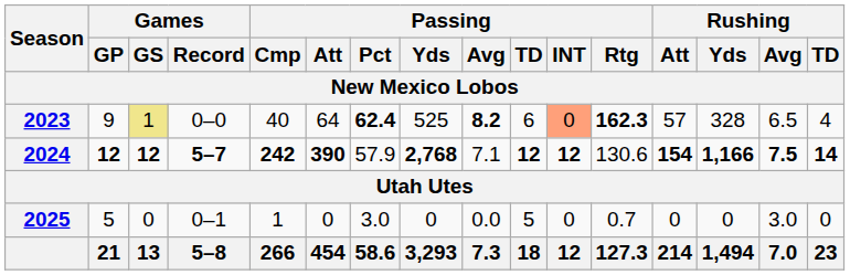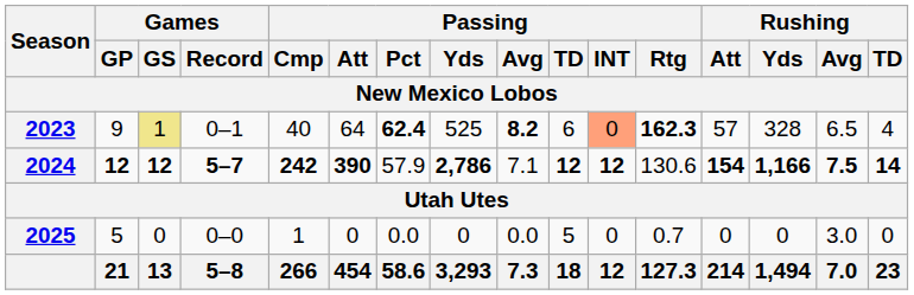 <table class="wikitable" style="text-align:center;">
 <tr>
 <th rowspan="2">Season</th>
 <th colspan="3">Games</th>
 <th colspan="8">Passing</th>
 <th colspan="4">Rushing</th>
 </tr>
 <tr>
 <th>GP</th>
 <th>GS</th>
 <th>Record</th>
 <th>Cmp</th>
 <th>Att</th>
 <th>Pct</th>
 <th>Yds</th>
 <th>Avg</th>
 <th>TD</th>
 <th>INT</th>
 <th>Rtg</th>
 <th>Att</th>
 <th>Yds</th>
 <th>Avg</th>
 <th>TD</th>
 </tr>
 <tr>
 <th colspan="16">New Mexico Lobos</th>
 </tr>
 <tr>
 <th><a href='#'>2023</a></th>
 <td>9</td>
 <td style="background: khaki;">1</td>
-<td>0–0</td>
+<td>0–1</td>
 <td>40</td>
 <td>64</td>
 <td><strong>62.4</strong></td>
 <td>525</td>
 <td><strong>8.2</strong></td>
 <td>6</td>
 <td style="background: lightsalmon;">0</td>
 <td><strong>162.3</strong></td>
 <td>57</td>
 <td>328</td>
 <td>6.5</td>
 <td>4</td>
 </tr>
 <tr>
 <th><a href='#'>2024</a></th>
 <td><strong>12</strong></td>
 <td><strong>12</strong></td>
 <td><strong>5–7</strong></td>
 <td><strong>242</strong></td>
 <td><strong>390</strong></td>
 <td>57.9</td>
-<td><strong>2,768</strong></td>
+<td><strong>2,786</strong></td>
 <td>7.1</td>
 <td><strong>12</strong></td>
 <td><strong>12</strong></td>
 <td>130.6</td>
 <td><strong>154</strong></td>
 <td><strong>1,166</strong></td>
 <td><strong>7.5</strong></td>
 <td><strong>14</strong></td>
 </tr>
 <tr>
 <th colspan="16">Utah Utes</th>
 </tr>
 <tr>
 <th><a href='#'>2025</a></th>
 <td>5</td>
 <td>0</td>
-<td>0–1</td>
+<td>0–0</td>
 <td>1</td>
 <td>0</td>
-<td>3.0</td>
+<td>0.0</td>
 <td>0</td>
 <td>0.0</td>
 <td>5</td>
 <td>0</td>
 <td>0.7</td>
 <td>0</td>
 <td>0</td>
 <td>3.0</td>
 <td>0</td>
 </tr>
 <tr>
 <th></th>
 <th>21</th>
 <th>13</th>
 <th>5–8</th>
 <th>266</th>
 <th>454</th>
 <th>58.6</th>
 <th>3,293</th>
 <th>7.3</th>
 <th>18</th>
 <th>12</th>
 <th>127.3</th>
 <th>214</th>
 <th>1,494</th>
 <th>7.0</th>
 <th>23</th>
 </tr>
 </table>
